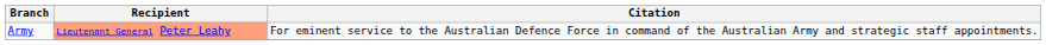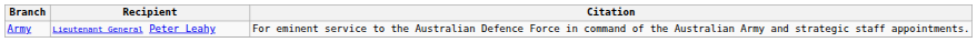 <table class="wikitable" style="font-size:95%;">
 <tr>
 <th scope="col" width="50">Branch</th>
 <th scope="col" width="240">Recipient</th>
 <th>Citation</th>
 </tr>
 <tr>
 <td rowspan="2"><a href='#'>Army</a></td>
-<td style="background: lightsalmon;"><small><a href='#'>Lieutenant General</a></small> <a href='#'>Peter Leahy</a> </td>
+<td><small><a href='#'>Lieutenant General</a></small> <a href='#'>Peter Leahy</a> </td>
 <td>For eminent service to the Australian Defence Force in command of the Australian Army and strategic staff appointments.</td>
 </tr>
 <tr>
 </tr>
 </table>
